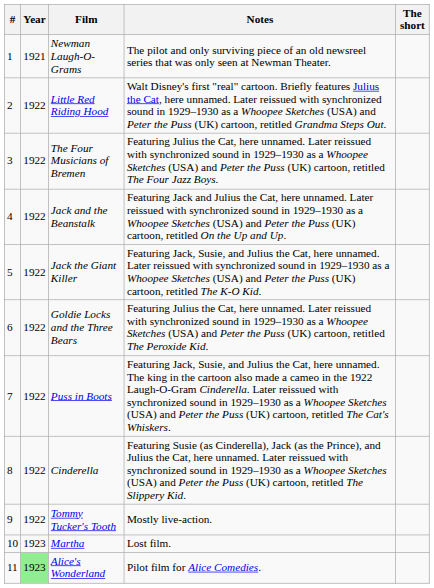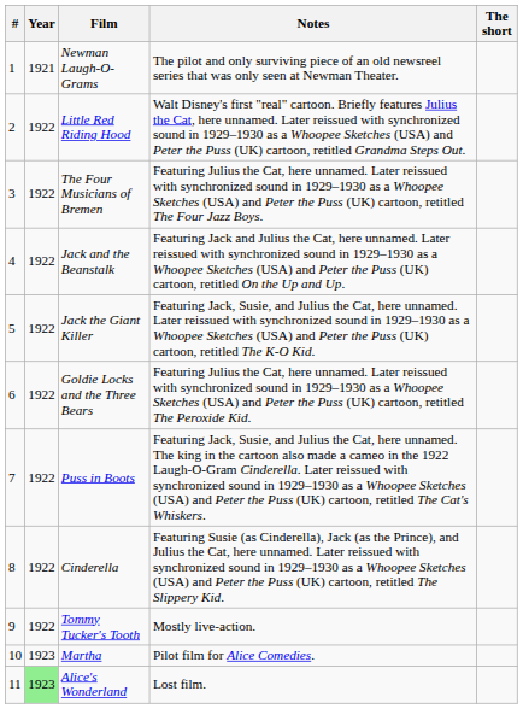 <table class="wikitable sortable">
 <tr>
 <th>#</th>
 <th>Year</th>
 <th>Film</th>
 <th>Notes</th>
 <th>The short</th>
 </tr>
 <tr>
 <td>1</td>
 <td>1921</td>
 <td><em>Newman Laugh-O-Grams</em></td>
 <td>The pilot and only surviving piece of an old newsreel series that was only seen at Newman Theater.</td>
 <td></td>
 </tr>
 <tr>
 <td>2</td>
 <td>1922</td>
 <td><em><a href='#'>Little Red Riding Hood</a></em></td>
 <td>Walt Disney's first "real" cartoon. Briefly features <a href='#'>Julius the Cat</a>, here unnamed. Later reissued with synchronized sound in 1929–1930 as a <em>Whoopee Sketches</em> (USA) and <em>Peter the Puss</em> (UK) cartoon, retitled <em>Grandma Steps Out</em>.</td>
 <td></td>
 </tr>
 <tr>
 <td>3</td>
 <td>1922</td>
 <td><em>The Four Musicians of Bremen</em></td>
 <td>Featuring Julius the Cat, here unnamed. Later reissued with synchronized sound in 1929–1930 as a <em>Whoopee Sketches</em> (USA) and <em>Peter the Puss</em> (UK) cartoon, retitled <em>The Four Jazz Boys</em>.</td>
 <td></td>
 </tr>
 <tr>
 <td>4</td>
 <td>1922</td>
 <td><em>Jack and the Beanstalk</em></td>
 <td>Featuring Jack and Julius the Cat, here unnamed. Later reissued with synchronized sound in 1929–1930 as a <em>Whoopee Sketches</em> (USA) and <em>Peter the Puss</em> (UK) cartoon, retitled <em>On the Up and Up</em>.</td>
 <td></td>
 </tr>
 <tr>
 <td>5</td>
 <td>1922</td>
 <td><em>Jack the Giant Killer</em></td>
 <td>Featuring Jack, Susie, and Julius the Cat, here unnamed. Later reissued with synchronized sound in 1929–1930 as a <em>Whoopee Sketches</em> (USA) and <em>Peter the Puss</em> (UK) cartoon, retitled <em>The K-O Kid</em>.</td>
 <td></td>
 </tr>
 <tr>
 <td>6</td>
 <td>1922</td>
 <td><em>Goldie Locks and the Three Bears</em></td>
 <td>Featuring Julius the Cat, here unnamed. Later reissued with synchronized sound in 1929–1930 as a <em>Whoopee Sketches</em> (USA) and <em>Peter the Puss</em> (UK) cartoon, retitled <em>The Peroxide Kid</em>.</td>
 <td></td>
 </tr>
 <tr>
 <td>7</td>
 <td>1922</td>
 <td><em><a href='#'>Puss in Boots</a></em></td>
 <td>Featuring Jack, Susie, and Julius the Cat, here unnamed. The king in the cartoon also made a cameo in the 1922 Laugh-O-Gram <em>Cinderella</em>. Later reissued with synchronized sound in 1929–1930 as a <em>Whoopee Sketches</em> (USA) and <em>Peter the Puss</em> (UK) cartoon, retitled <em>The Cat's Whiskers</em>.</td>
 <td></td>
 </tr>
 <tr>
 <td>8</td>
 <td>1922</td>
 <td><em>Cinderella</em></td>
 <td>Featuring Susie (as Cinderella), Jack (as the Prince), and Julius the Cat, here unnamed. Later reissued with synchronized sound in 1929–1930 as a <em>Whoopee Sketches</em> (USA) and <em>Peter the Puss</em> (UK) cartoon, retitled <em>The Slippery Kid</em>.</td>
 <td></td>
 </tr>
 <tr>
 <td>9</td>
 <td>1922</td>
 <td><em><a href='#'>Tommy Tucker's Tooth</a></em></td>
 <td>Mostly live-action.</td>
 <td></td>
 </tr>
 <tr>
 <td>10</td>
 <td>1923</td>
 <td><em><a href='#'>Martha</a></em></td>
-<td>Lost film.</td>
+<td>Pilot film for <em><a href='#'>Alice Comedies</a></em>.</td>
 </tr>
 <tr>
 <td>11</td>
 <td style="background: lightgreen;">1923</td>
 <td><em><a href='#'>Alice's Wonderland</a></em></td>
-<td>Pilot film for <em><a href='#'>Alice Comedies</a></em>.</td>
+<td>Lost film.</td>
 <td></td>
 </tr>
 </table>
